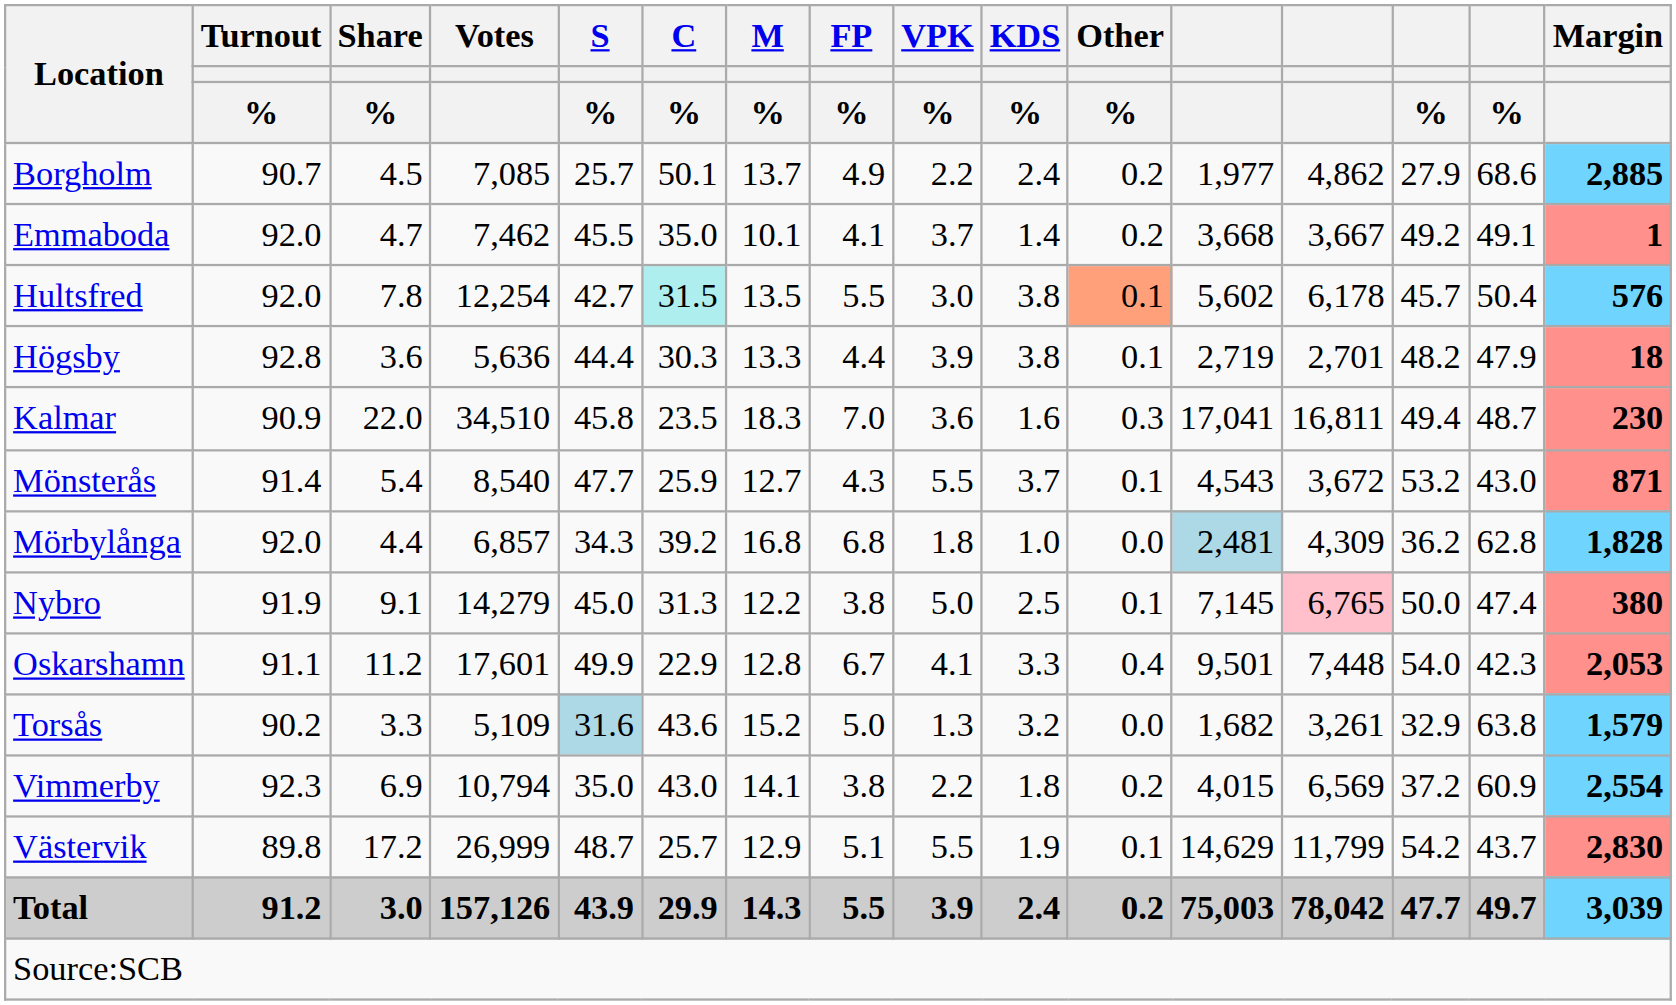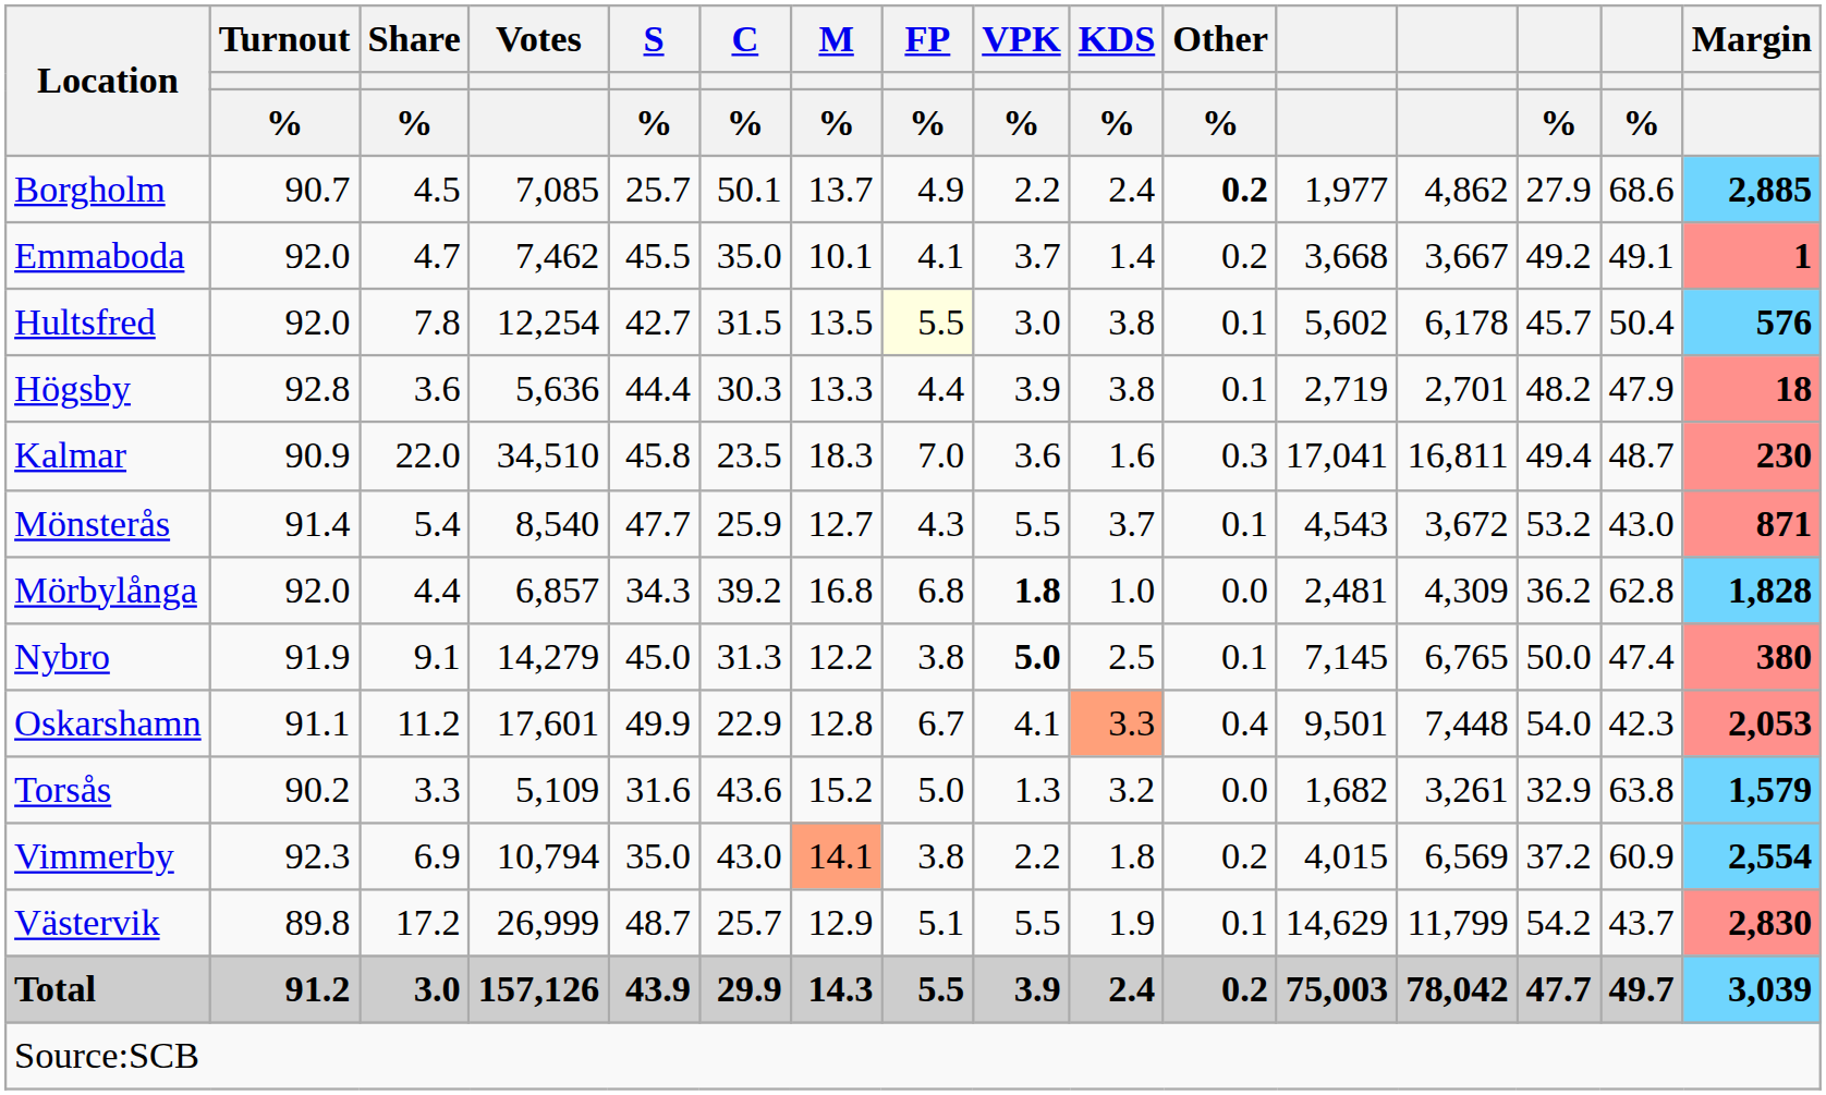 <table class="wikitable sortable" style="text-align:right; font-size:95%; line-height:20px;">
 <tr>
 <th rowspan="3">Location</th>
 <th>Turnout</th>
 <th>Share</th>
 <th>Votes</th>
 <th width="30px" class="unsortable"><a href='#'>S</a></th>
 <th width="30px" class="unsortable"><a href='#'>C</a></th>
 <th width="30px" class="unsortable"><a href='#'>M</a></th>
 <th width="30px" class="unsortable"><a href='#'>FP</a></th>
 <th width="30px" class="unsortable"><a href='#'>VPK</a></th>
 <th width="30px" class="unsortable"><a href='#'>KDS</a></th>
 <th width="30px" class="unsortable">Other</th>
 <th></th>
 <th></th>
 <th></th>
 <th></th>
 <th>Margin</th>
 </tr>
 <tr>
 <th></th>
 <th></th>
 <th></th>
 <th style="background:"></th>
 <th style="background:"></th>
 <th style="background:"></th>
 <th style="background:"></th>
 <th style="background:"></th>
 <th style="background:"></th>
 <th style="background:"></th>
 <th style="background:"></th>
 <th style="background:"></th>
 <th style="background:"></th>
 <th style="background:"></th>
 <th></th>
 </tr>
 <tr>
 <th data-sort-type="number">%</th>
 <th data-sort-type="number">%</th>
 <th></th>
 <th data-sort-type="number">%</th>
 <th data-sort-type="number">%</th>
 <th data-sort-type="number">%</th>
 <th data-sort-type="number">%</th>
 <th data-sort-type="number">%</th>
 <th data-sort-type="number">%</th>
 <th data-sort-type="number">%</th>
 <th data-sort-type="number"></th>
 <th data-sort-type="number"></th>
 <th data-sort-type="number">%</th>
 <th data-sort-type="number">%</th>
 <th data-sort-type="number"></th>
 </tr>
 <tr>
 <td align=left><a href='#'>Borgholm</a></td>
 <td>90.7</td>
 <td>4.5</td>
 <td>7,085</td>
 <td>25.7</td>
 <td>50.1</td>
 <td>13.7</td>
 <td>4.9</td>
 <td>2.2</td>
 <td>2.4</td>
-<td>0.2</td>
+<td><strong>0.2</strong></td>
 <td>1,977</td>
 <td>4,862</td>
 <td>27.9</td>
 <td>68.6</td>
 <td bgcolor=#6fd5fe><strong>2,885</strong></td>
 </tr>
 <tr>
 <td align=left><a href='#'>Emmaboda</a></td>
 <td>92.0</td>
 <td>4.7</td>
 <td>7,462</td>
 <td>45.5</td>
 <td>35.0</td>
 <td>10.1</td>
 <td>4.1</td>
 <td>3.7</td>
 <td>1.4</td>
 <td>0.2</td>
 <td>3,668</td>
 <td>3,667</td>
 <td>49.2</td>
 <td>49.1</td>
 <td bgcolor=#ff908c><strong>1</strong></td>
 </tr>
 <tr>
 <td align=left><a href='#'>Hultsfred</a></td>
 <td>92.0</td>
 <td>7.8</td>
 <td>12,254</td>
 <td>42.7</td>
-<td style="background: paleturquoise;">31.5</td>
+<td>31.5</td>
 <td>13.5</td>
-<td>5.5</td>
+<td style="background: lightyellow;">5.5</td>
 <td>3.0</td>
 <td>3.8</td>
-<td style="background: lightsalmon;">0.1</td>
+<td>0.1</td>
 <td>5,602</td>
 <td>6,178</td>
 <td>45.7</td>
 <td>50.4</td>
 <td bgcolor=#6fd5fe><strong>576</strong></td>
 </tr>
 <tr>
 <td align=left><a href='#'>Högsby</a></td>
 <td>92.8</td>
 <td>3.6</td>
 <td>5,636</td>
 <td>44.4</td>
 <td>30.3</td>
 <td>13.3</td>
 <td>4.4</td>
 <td>3.9</td>
 <td>3.8</td>
 <td>0.1</td>
 <td>2,719</td>
 <td>2,701</td>
 <td>48.2</td>
 <td>47.9</td>
 <td bgcolor=#ff908c><strong>18</strong></td>
 </tr>
 <tr>
 <td align=left><a href='#'>Kalmar</a></td>
 <td>90.9</td>
 <td>22.0</td>
 <td>34,510</td>
 <td>45.8</td>
 <td>23.5</td>
 <td>18.3</td>
 <td>7.0</td>
 <td>3.6</td>
 <td>1.6</td>
 <td>0.3</td>
 <td>17,041</td>
 <td>16,811</td>
 <td>49.4</td>
 <td>48.7</td>
 <td bgcolor=#ff908c><strong>230</strong></td>
 </tr>
 <tr>
 <td align=left><a href='#'>Mönsterås</a></td>
 <td>91.4</td>
 <td>5.4</td>
 <td>8,540</td>
 <td>47.7</td>
 <td>25.9</td>
 <td>12.7</td>
 <td>4.3</td>
 <td>5.5</td>
 <td>3.7</td>
 <td>0.1</td>
 <td>4,543</td>
 <td>3,672</td>
 <td>53.2</td>
 <td>43.0</td>
 <td bgcolor=#ff908c><strong>871</strong></td>
 </tr>
 <tr>
 <td align=left><a href='#'>Mörbylånga</a></td>
 <td>92.0</td>
 <td>4.4</td>
 <td>6,857</td>
 <td>34.3</td>
 <td>39.2</td>
 <td>16.8</td>
 <td>6.8</td>
-<td>1.8</td>
+<td><strong>1.8</strong></td>
 <td>1.0</td>
 <td>0.0</td>
-<td style="background: lightblue;">2,481</td>
+<td>2,481</td>
 <td>4,309</td>
 <td>36.2</td>
 <td>62.8</td>
 <td bgcolor=#6fd5fe><strong>1,828</strong></td>
 </tr>
 <tr>
 <td align=left><a href='#'>Nybro</a></td>
 <td>91.9</td>
 <td>9.1</td>
 <td>14,279</td>
 <td>45.0</td>
 <td>31.3</td>
 <td>12.2</td>
 <td>3.8</td>
-<td>5.0</td>
+<td><strong>5.0</strong></td>
 <td>2.5</td>
 <td>0.1</td>
 <td>7,145</td>
-<td style="background: pink;">6,765</td>
+<td>6,765</td>
 <td>50.0</td>
 <td>47.4</td>
 <td bgcolor=#ff908c><strong>380</strong></td>
 </tr>
 <tr>
 <td align=left><a href='#'>Oskarshamn</a></td>
 <td>91.1</td>
 <td>11.2</td>
 <td>17,601</td>
 <td>49.9</td>
 <td>22.9</td>
 <td>12.8</td>
 <td>6.7</td>
 <td>4.1</td>
-<td>3.3</td>
+<td style="background: lightsalmon;">3.3</td>
 <td>0.4</td>
 <td>9,501</td>
 <td>7,448</td>
 <td>54.0</td>
 <td>42.3</td>
 <td bgcolor=#ff908c><strong>2,053</strong></td>
 </tr>
 <tr>
 <td align=left><a href='#'>Torsås</a></td>
 <td>90.2</td>
 <td>3.3</td>
 <td>5,109</td>
-<td style="background: lightblue;">31.6</td>
+<td>31.6</td>
 <td>43.6</td>
 <td>15.2</td>
 <td>5.0</td>
 <td>1.3</td>
 <td>3.2</td>
 <td>0.0</td>
 <td>1,682</td>
 <td>3,261</td>
 <td>32.9</td>
 <td>63.8</td>
 <td bgcolor=#6fd5fe><strong>1,579</strong></td>
 </tr>
 <tr>
 <td align=left><a href='#'>Vimmerby</a></td>
 <td>92.3</td>
 <td>6.9</td>
 <td>10,794</td>
 <td>35.0</td>
 <td>43.0</td>
-<td>14.1</td>
+<td style="background: lightsalmon;">14.1</td>
 <td>3.8</td>
 <td>2.2</td>
 <td>1.8</td>
 <td>0.2</td>
 <td>4,015</td>
 <td>6,569</td>
 <td>37.2</td>
 <td>60.9</td>
 <td bgcolor=#6fd5fe><strong>2,554</strong></td>
 </tr>
 <tr>
 <td align=left><a href='#'>Västervik</a></td>
 <td>89.8</td>
 <td>17.2</td>
 <td>26,999</td>
 <td>48.7</td>
 <td>25.7</td>
 <td>12.9</td>
 <td>5.1</td>
 <td>5.5</td>
 <td>1.9</td>
 <td>0.1</td>
 <td>14,629</td>
 <td>11,799</td>
 <td>54.2</td>
 <td>43.7</td>
 <td bgcolor=#ff908c><strong>2,830</strong></td>
 </tr>
 <tr style="background:#CDCDCD;">
 <td align=left><strong>Total</strong></td>
 <td><strong>91.2</strong></td>
 <td><strong>3.0</strong></td>
 <td><strong>157,126</strong></td>
 <td><strong>43.9</strong></td>
 <td><strong>29.9</strong></td>
 <td><strong>14.3</strong></td>
 <td><strong>5.5</strong></td>
 <td><strong>3.9</strong></td>
 <td><strong>2.4</strong></td>
 <td><strong>0.2</strong></td>
 <td><strong>75,003</strong></td>
 <td><strong>78,042</strong></td>
 <td><strong>47.7</strong></td>
 <td><strong>49.7</strong></td>
 <td bgcolor=#6fd5fe><strong>3,039</strong></td>
 </tr>
 <tr>
 <td align=left colspan=16>Source:SCB </td>
 </tr>
 </table>
